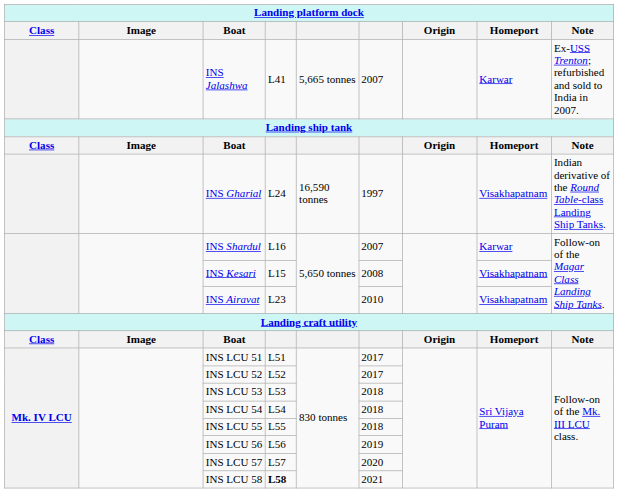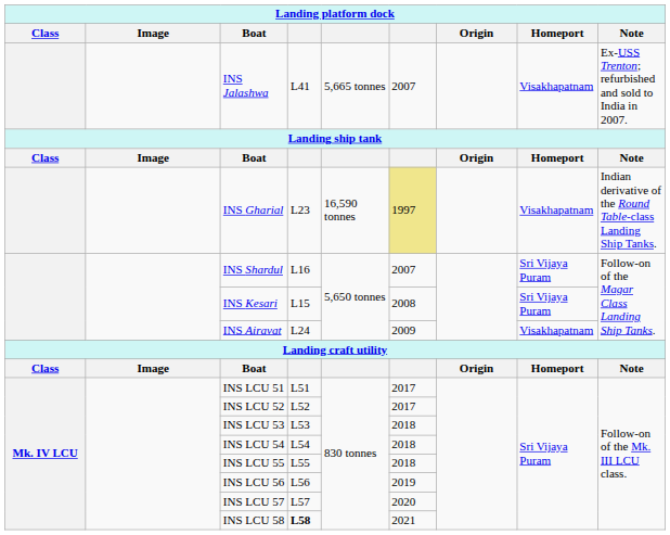 <table class="wikitable" style="margin:auto; width:100%;">
 <tr>
 <th colspan="9" style="align: center; background: #CEF6F5;"><a href='#'>Landing platform dock</a></th>
 </tr>
 <tr>
 <th style="text-align:center; width:12%;"><a href='#'>Class</a></th>
 <th style="text-align:center; width:20%;">Image</th>
 <th style="text-align:center; width:10%;">Boat</th>
 <th style="text-align:center; width:5%;"></th>
 <th style="text-align:center; width:10%;"></th>
 <th style="text-align:center; width:7%;"></th>
 <th style="text-align:center; width:12%;">Origin</th>
 <th style="text-align:center; width:12%;">Homeport</th>
 <th style="text-align:center; width:10%;">Note</th>
 </tr>
 <tr>
 <th rowspan="1"></th>
 <td rowspan="1"></td>
 <td><a href='#'>INS <em>Jalashwa</em></a></td>
 <td>L41</td>
 <td rowspan="1">5,665 tonnes</td>
 <td>2007</td>
 <td rowspan="1"></td>
-<td><a href='#'>Karwar</a></td>
+<td><a href='#'>Visakhapatnam</a></td>
 <td rowspan="1">Ex-<a href='#'>USS <em>Trenton</em></a>; refurbished and sold to India in 2007.</td>
 </tr>
 <tr>
 <th colspan="9" style="align: center; background: #CEF6F5;"><a href='#'>Landing ship tank</a></th>
 </tr>
 <tr>
 <th style="text-align:center; width:12%;"><a href='#'>Class</a></th>
 <th style="text-align:center; width:20%;">Image</th>
 <th style="text-align:center; width:10%;">Boat</th>
 <th style="text-align:center; width:5%;"></th>
 <th style="text-align:center; width:10%;"></th>
 <th style="text-align:center; width:7%;"></th>
 <th style="text-align:center; width:12%;">Origin</th>
 <th style="text-align:center; width:12%;">Homeport</th>
 <th style="text-align:center; width:10%;">Note</th>
 </tr>
 <tr>
 <th rowspan="1"></th>
 <td rowspan="1"></td>
 <td><a href='#'>INS <em>Gharial</em></a></td>
-<td>L24</td>
+<td>L23</td>
 <td rowspan="1">16,590 tonnes</td>
-<td>1997</td>
+<td style="background: khaki;">1997</td>
 <td rowspan="1"></td>
 <td><a href='#'>Visakhapatnam</a></td>
 <td rowspan="1">Indian derivative of the <a href='#'><em>Round Table</em>-class Landing Ship Tanks</a>.</td>
 </tr>
 <tr>
 <th rowspan="3"></th>
 <td rowspan="3"></td>
 <td><a href='#'>INS <em>Shardul</em></a></td>
 <td>L16</td>
 <td rowspan="3">5,650 tonnes</td>
 <td>2007</td>
 <td rowspan="3"></td>
-<td><a href='#'>Karwar</a></td>
+<td><a href='#'>Sri Vijaya Puram</a></td>
 <td rowspan="3">Follow-on of the <em><a href='#'>Magar Class Landing Ship Tanks</a></em>.</td>
 </tr>
 <tr>
 <td><a href='#'>INS <em>Kesari</em></a></td>
 <td>L15</td>
 <td>2008</td>
-<td><a href='#'>Visakhapatnam</a></td>
+<td><a href='#'>Sri Vijaya Puram</a></td>
 </tr>
 <tr>
 <td><a href='#'>INS <em>Airavat</em></a></td>
-<td>L23</td>
-<td>2010</td>
+<td>L24</td>
+<td>2009</td>
 <td><a href='#'>Visakhapatnam</a></td>
 </tr>
 <tr>
 <th colspan="9" style="align: center; background: #CEF6F5;"><a href='#'>Landing craft utility</a></th>
 </tr>
 <tr>
 <th ! style="text-align:center; width:12%;"><a href='#'>Class</a></th>
 <th style="text-align:center; width:20%;">Image</th>
 <th style="text-align:center; width:10%;">Boat</th>
 <th style="text-align:center; width:5%;"></th>
 <th style="text-align:center; width:10%;"></th>
 <th style="text-align:center; width:7%;"></th>
 <th style="text-align:center; width:12%;">Origin</th>
 <th style="text-align:center; width:12%;">Homeport</th>
 <th style="text-align:center; width:10%;">Note</th>
 </tr>
 <tr>
 <th rowspan="8"><a href='#'>Mk. IV LCU</a></th>
 <td rowspan="8"></td>
 <td>INS LCU 51</td>
 <td>L51</td>
 <td rowspan="8">830 tonnes</td>
 <td>2017</td>
 <td rowspan="8"></td>
 <td rowspan="8"><a href='#'>Sri Vijaya Puram</a></td>
 <td rowspan="8">Follow-on of the <a href='#'>Mk. III LCU</a> class.</td>
 </tr>
 <tr>
 <td>INS LCU 52</td>
 <td>L52</td>
 <td>2017</td>
 </tr>
 <tr>
 <td>INS LCU 53</td>
 <td>L53</td>
 <td>2018</td>
 </tr>
 <tr>
 <td>INS LCU 54</td>
 <td>L54</td>
 <td>2018</td>
 </tr>
 <tr>
 <td>INS LCU 55</td>
 <td>L55</td>
 <td>2018</td>
 </tr>
 <tr>
 <td>INS LCU 56</td>
 <td>L56</td>
 <td>2019</td>
 </tr>
 <tr>
 <td>INS LCU 57</td>
 <td>L57</td>
 <td>2020</td>
 </tr>
 <tr>
 <td>INS LCU 58</td>
 <td><strong>L58</strong></td>
 <td>2021</td>
 </tr>
 </table>
